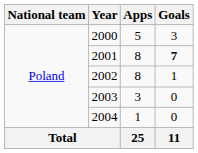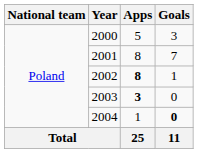 <table class="wikitable" style="text-align:center">
 <tr>
 <th>National team</th>
 <th>Year</th>
 <th>Apps</th>
 <th>Goals</th>
 </tr>
 <tr>
 <td rowspan="5"><a href='#'>Poland</a></td>
 <td>2000</td>
 <td>5</td>
 <td>3</td>
 </tr>
 <tr>
 <td>2001</td>
 <td>8</td>
-<td><strong>7</strong></td>
+<td>7</td>
 </tr>
 <tr>
 <td>2002</td>
-<td>8</td>
+<td><strong>8</strong></td>
 <td>1</td>
 </tr>
 <tr>
 <td>2003</td>
-<td>3</td>
+<td><strong>3</strong></td>
 <td>0</td>
 </tr>
 <tr>
 <td>2004</td>
 <td>1</td>
-<td>0</td>
+<td><strong>0</strong></td>
 </tr>
 <tr>
 <th colspan="2">Total</th>
 <th>25</th>
 <th>11</th>
 </tr>
 </table>
